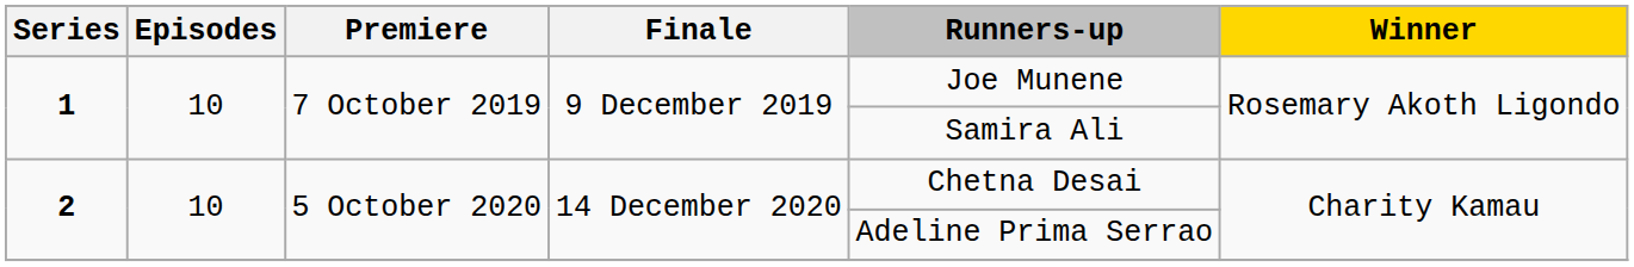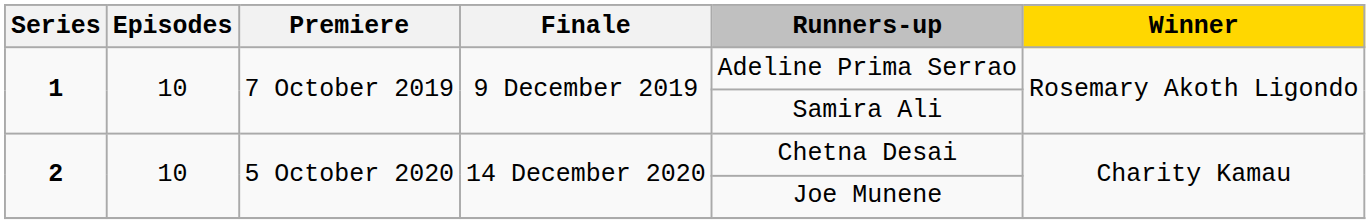 <table class="wikitable"  style="text-align:center; line-height:16px;">
 <tr>
 <th scope="col">Series</th>
 <th scope="col">Episodes</th>
 <th scope="col">Premiere</th>
 <th scope="col">Finale</th>
 <th style="background:silver;">Runners-up</th>
 <th style="background:gold;">Winner</th>
 </tr>
 <tr>
 <td rowspan="2"><strong>1</strong></td>
 <td rowspan="2">10</td>
 <td rowspan="2">7 October 2019</td>
 <td rowspan="2">9 December 2019</td>
-<td>Joe Munene</td>
+<td>Adeline Prima Serrao</td>
 <td rowspan="2">Rosemary Akoth Ligondo</td>
 </tr>
 <tr>
 <td>Samira Ali</td>
 </tr>
 <tr>
 <td rowspan="2"><strong>2</strong></td>
 <td rowspan="2">10</td>
 <td rowspan="2">5 October 2020</td>
 <td rowspan="2">14 December 2020</td>
 <td>Chetna Desai</td>
 <td rowspan="2">Charity Kamau</td>
 </tr>
 <tr>
-<td>Adeline Prima Serrao</td>
+<td>Joe Munene</td>
 </tr>
 <tr>
 </tr>
 </table>
